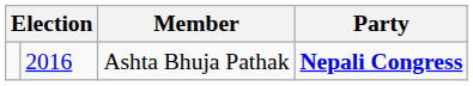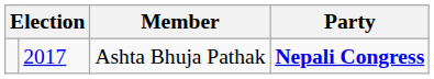 <table class="wikitable">
 <tr>
 <th colspan="2">Election</th>
 <th>Member</th>
 <th>Party</th>
 </tr>
 <tr>
 <td style="background-color:"></td>
-<td><a href='#'>2016</a></td>
+<td><a href='#'>2017</a></td>
 <td>Ashta Bhuja Pathak</td>
 <td><strong><a href='#'>Nepali Congress</a></strong></td>
 </tr>
 </table>
